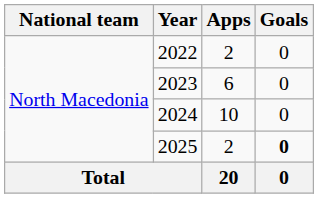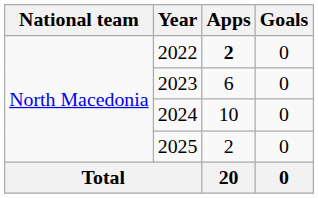 <table class=wikitable style=text-align:center>
 <tr>
 <th>National team</th>
 <th>Year</th>
 <th>Apps</th>
 <th>Goals</th>
 </tr>
 <tr>
 <td rowspan="4"><a href='#'>North Macedonia</a></td>
 <td>2022</td>
-<td>2</td>
+<td><strong>2</strong></td>
 <td>0</td>
 </tr>
 <tr>
 <td>2023</td>
 <td>6</td>
 <td>0</td>
 </tr>
 <tr>
 <td>2024</td>
 <td>10</td>
 <td>0</td>
 </tr>
 <tr>
 <td>2025</td>
 <td>2</td>
-<td><strong>0</strong></td>
+<td>0</td>
 </tr>
 <tr>
 <th colspan="2">Total</th>
 <th>20</th>
 <th>0</th>
 </tr>
 </table>
